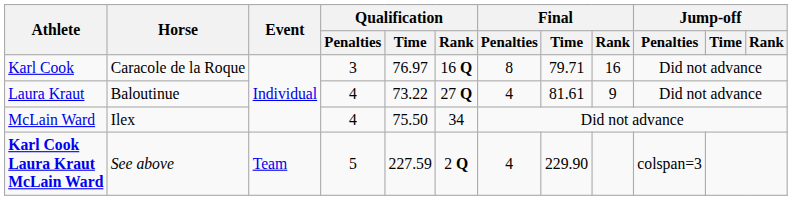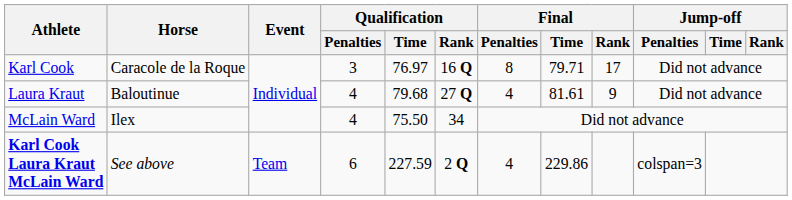 <table class=wikitable style=font-size:90%;text-align:center>
 <tr>
 <th rowspan=2>Athlete</th>
 <th rowspan=2>Horse</th>
 <th rowspan=2>Event</th>
 <th colspan=3>Qualification</th>
 <th colspan=3>Final</th>
 <th colspan=3>Jump-off</th>
 </tr>
 <tr style=font-size:95%>
 <th>Penalties</th>
 <th>Time</th>
 <th>Rank</th>
 <th>Penalties</th>
 <th>Time</th>
 <th>Rank</th>
 <th>Penalties</th>
 <th>Time</th>
 <th>Rank</th>
 </tr>
 <tr>
 <td align=left><a href='#'>Karl Cook</a></td>
 <td align=left>Caracole de la Roque</td>
 <td align=left rowspan=3><a href='#'>Individual</a></td>
 <td>3</td>
 <td>76.97</td>
 <td>16 <strong>Q</strong></td>
 <td>8</td>
 <td>79.71</td>
-<td>16</td>
+<td>17</td>
 <td colspan=3>Did not advance</td>
 </tr>
 <tr>
 <td align=left><a href='#'>Laura Kraut</a></td>
 <td align=left>Baloutinue</td>
 <td>4</td>
-<td>73.22</td>
+<td>79.68</td>
 <td>27 <strong>Q</strong></td>
 <td>4</td>
 <td>81.61</td>
 <td>9</td>
 <td colspan=3>Did not advance</td>
 </tr>
 <tr>
 <td align=left><a href='#'>McLain Ward</a></td>
 <td align=left>Ilex</td>
 <td>4</td>
 <td>75.50</td>
 <td>34</td>
 <td colspan=6>Did not advance</td>
 </tr>
 <tr>
 <td align=left><strong><a href='#'>Karl Cook</a><br><a href='#'>Laura Kraut</a><br><a href='#'>McLain Ward</a></strong></td>
 <td align=left><em>See above</em></td>
 <td align=left><a href='#'>Team</a></td>
-<td>5</td>
+<td>6</td>
 <td>227.59</td>
 <td>2 <strong>Q</strong></td>
 <td>4</td>
-<td>229.90</td>
+<td>229.86</td>
 <td></td>
 <td>colspan=3 </td>
 </tr>
 </table>
